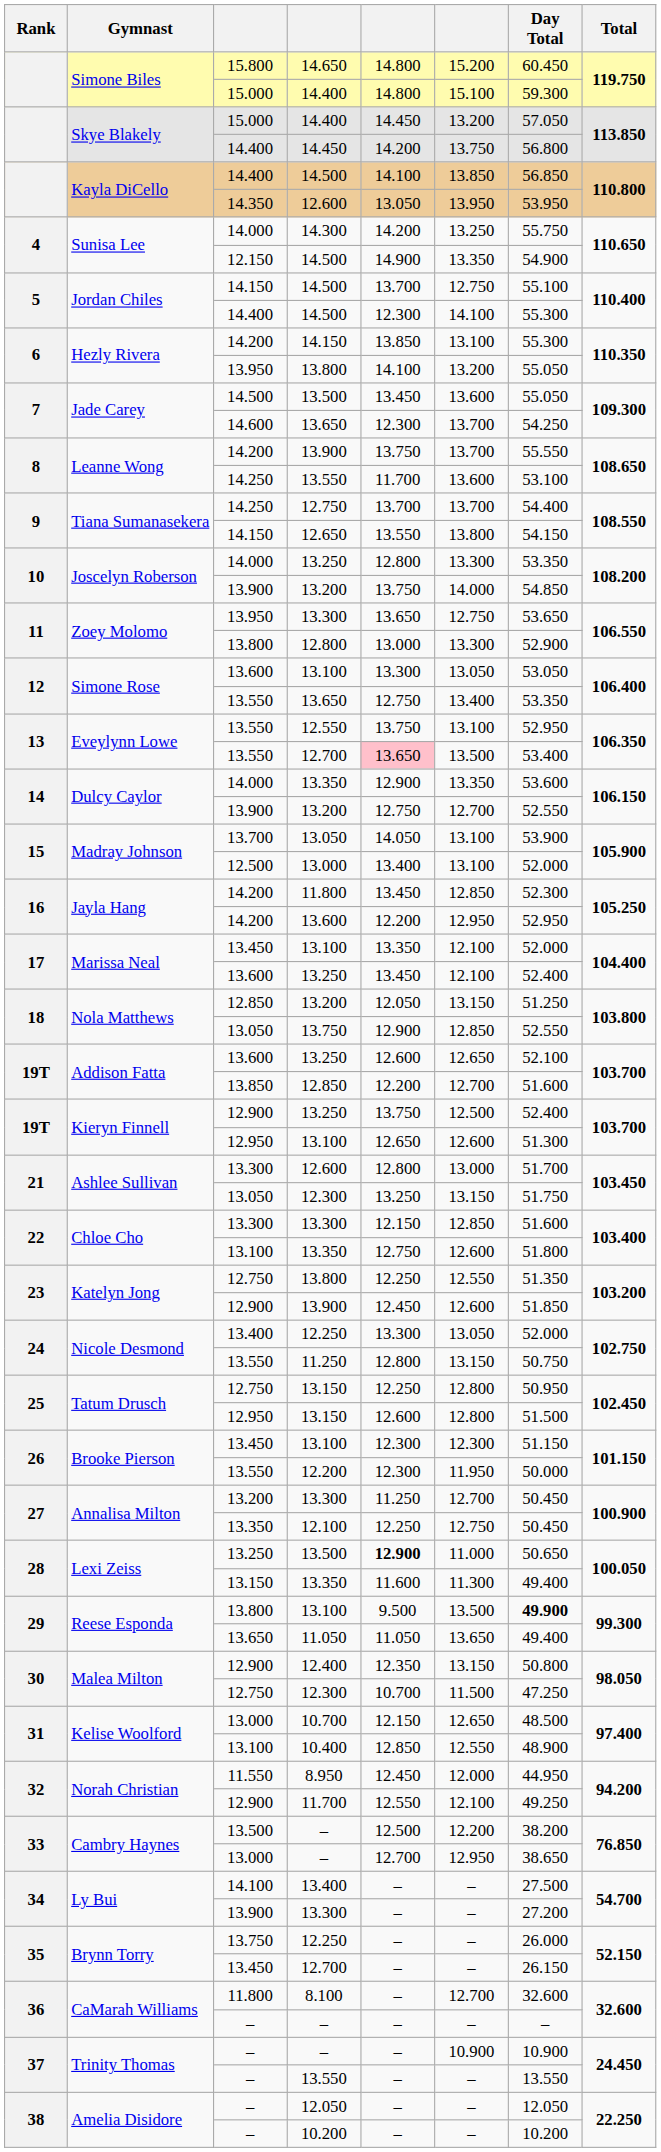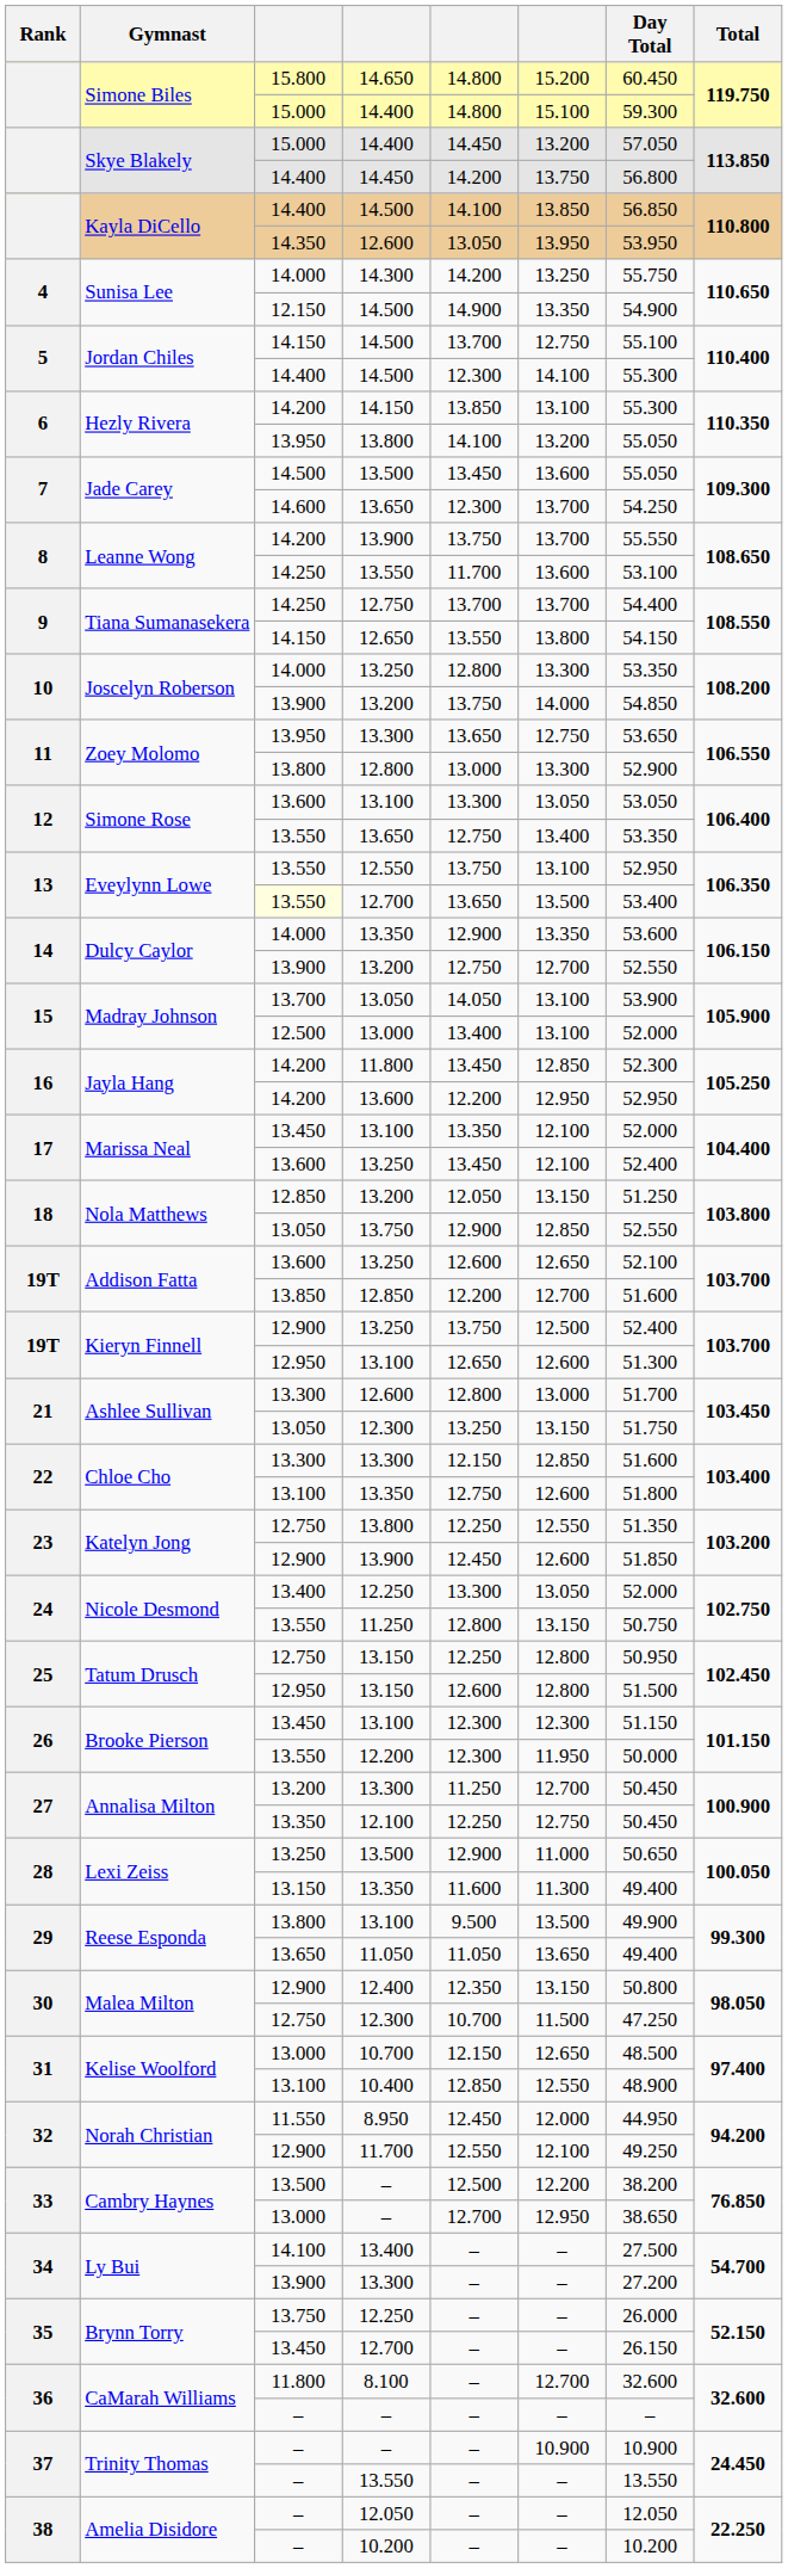 <table class="wikitable sortable" style="text-align:center; font-size:95%">
 <tr>
 <th scope="col" style="width:50px;">Rank</th>
 <th scope="col">Gymnast</th>
 <th scope="col" style="width:60px;"></th>
 <th scope="col" style="width:60px;"></th>
 <th scope="col" style="width:60px;"></th>
 <th scope="col" style="width:60px;"></th>
 <th scope="col" style="width:60px;">Day Total</th>
 <th scope="col" style="width:60px;">Total</th>
 </tr>
 <tr style="background:#fffcaf;">
 <th rowspan="2" scope=row style="text-align:center"></th>
 <td rowspan="2" align=left><a href='#'>Simone Biles</a></td>
 <td>15.800</td>
 <td>14.650</td>
 <td>14.800</td>
 <td>15.200</td>
 <td>60.450</td>
 <td rowspan="2"><strong>119.750</strong></td>
 </tr>
 <tr style="background:#fffcaf;">
 <td>15.000</td>
 <td>14.400</td>
 <td>14.800</td>
 <td>15.100</td>
 <td>59.300</td>
 </tr>
 <tr style="background:#e5e5e5;">
 <th rowspan="2" scope=row style="text-align:center"></th>
 <td rowspan="2" align=left><a href='#'>Skye Blakely</a></td>
 <td>15.000</td>
 <td>14.400</td>
 <td>14.450</td>
 <td>13.200</td>
 <td>57.050</td>
 <td rowspan="2"><strong>113.850</strong></td>
 </tr>
 <tr style="background:#e5e5e5;">
 <td>14.400</td>
 <td>14.450</td>
 <td>14.200</td>
 <td>13.750</td>
 <td>56.800</td>
 </tr>
 <tr style="background:#ec9;">
 <th rowspan="2" scope=row style="text-align:center"></th>
 <td rowspan="2" align=left><a href='#'>Kayla DiCello</a></td>
 <td>14.400</td>
 <td>14.500</td>
 <td>14.100</td>
 <td>13.850</td>
 <td>56.850</td>
 <td rowspan="2"><strong>110.800</strong></td>
 </tr>
 <tr style="background:#ec9;">
 <td>14.350</td>
 <td>12.600</td>
 <td>13.050</td>
 <td>13.950</td>
 <td>53.950</td>
 </tr>
 <tr>
 <th rowspan="2" scope=row style="text-align:center">4</th>
 <td rowspan="2" align=left><a href='#'>Sunisa Lee</a></td>
 <td>14.000</td>
 <td>14.300</td>
 <td>14.200</td>
 <td>13.250</td>
 <td>55.750</td>
 <td rowspan="2"><strong>110.650</strong></td>
 </tr>
 <tr>
 <td>12.150</td>
 <td>14.500</td>
 <td>14.900</td>
 <td>13.350</td>
 <td>54.900</td>
 </tr>
 <tr>
 <th rowspan="2" scope=row style="text-align:center">5</th>
 <td rowspan="2" align=left><a href='#'>Jordan Chiles</a></td>
 <td>14.150</td>
 <td>14.500</td>
 <td>13.700</td>
 <td>12.750</td>
 <td>55.100</td>
 <td rowspan="2"><strong>110.400</strong></td>
 </tr>
 <tr>
 <td>14.400</td>
 <td>14.500</td>
 <td>12.300</td>
 <td>14.100</td>
 <td>55.300</td>
 </tr>
 <tr>
 <th rowspan="2" scope=row style="text-align:center">6</th>
 <td rowspan="2" align=left><a href='#'>Hezly Rivera</a></td>
 <td>14.200</td>
 <td>14.150</td>
 <td>13.850</td>
 <td>13.100</td>
 <td>55.300</td>
 <td rowspan="2"><strong>110.350</strong></td>
 </tr>
 <tr>
 <td>13.950</td>
 <td>13.800</td>
 <td>14.100</td>
 <td>13.200</td>
 <td>55.050</td>
 </tr>
 <tr>
 <th rowspan="2" scope=row style="text-align:center">7</th>
 <td rowspan="2" align=left><a href='#'>Jade Carey</a></td>
 <td>14.500</td>
 <td>13.500</td>
 <td>13.450</td>
 <td>13.600</td>
 <td>55.050</td>
 <td rowspan="2"><strong>109.300</strong></td>
 </tr>
 <tr>
 <td>14.600</td>
 <td>13.650</td>
 <td>12.300</td>
 <td>13.700</td>
 <td>54.250</td>
 </tr>
 <tr>
 <th rowspan="2" scope=row style="text-align:center">8</th>
 <td rowspan="2" align=left><a href='#'>Leanne Wong</a></td>
 <td>14.200</td>
 <td>13.900</td>
 <td>13.750</td>
 <td>13.700</td>
 <td>55.550</td>
 <td rowspan="2"><strong>108.650</strong></td>
 </tr>
 <tr>
 <td>14.250</td>
 <td>13.550</td>
 <td>11.700</td>
 <td>13.600</td>
 <td>53.100</td>
 </tr>
 <tr>
 <th rowspan="2" scope=row style="text-align:center">9</th>
 <td rowspan="2" align=left><a href='#'>Tiana Sumanasekera</a></td>
 <td>14.250</td>
 <td>12.750</td>
 <td>13.700</td>
 <td>13.700</td>
 <td>54.400</td>
 <td rowspan="2"><strong>108.550</strong></td>
 </tr>
 <tr>
 <td>14.150</td>
 <td>12.650</td>
 <td>13.550</td>
 <td>13.800</td>
 <td>54.150</td>
 </tr>
 <tr>
 <th rowspan="2" scope=row style="text-align:center">10</th>
 <td rowspan="2" align=left><a href='#'>Joscelyn Roberson</a></td>
 <td>14.000</td>
 <td>13.250</td>
 <td>12.800</td>
 <td>13.300</td>
 <td>53.350</td>
 <td rowspan="2"><strong>108.200</strong></td>
 </tr>
 <tr>
 <td>13.900</td>
 <td>13.200</td>
 <td>13.750</td>
 <td>14.000</td>
 <td>54.850</td>
 </tr>
 <tr>
 <th rowspan="2" scope=row style="text-align:center">11</th>
 <td rowspan="2" align=left><a href='#'>Zoey Molomo</a></td>
 <td>13.950</td>
 <td>13.300</td>
 <td>13.650</td>
 <td>12.750</td>
 <td>53.650</td>
 <td rowspan="2"><strong>106.550</strong></td>
 </tr>
 <tr>
 <td>13.800</td>
 <td>12.800</td>
 <td>13.000</td>
 <td>13.300</td>
 <td>52.900</td>
 </tr>
 <tr>
 <th rowspan="2" scope=row style="text-align:center">12</th>
 <td rowspan="2" align=left><a href='#'>Simone Rose</a></td>
 <td>13.600</td>
 <td>13.100</td>
 <td>13.300</td>
 <td>13.050</td>
 <td>53.050</td>
 <td rowspan="2"><strong>106.400</strong></td>
 </tr>
 <tr>
 <td>13.550</td>
 <td>13.650</td>
 <td>12.750</td>
 <td>13.400</td>
 <td>53.350</td>
 </tr>
 <tr>
 <th rowspan="2" scope=row style="text-align:center">13</th>
 <td rowspan="2" align=left><a href='#'>Eveylynn Lowe</a></td>
 <td>13.550</td>
 <td>12.550</td>
 <td>13.750</td>
 <td>13.100</td>
 <td>52.950</td>
 <td rowspan="2"><strong>106.350</strong></td>
 </tr>
 <tr>
-<td>13.550</td>
+<td style="background: lightyellow;">13.550</td>
 <td>12.700</td>
-<td style="background: pink;">13.650</td>
+<td>13.650</td>
 <td>13.500</td>
 <td>53.400</td>
 </tr>
 <tr>
 <th rowspan="2" scope=row style="text-align:center">14</th>
 <td rowspan="2" align=left><a href='#'>Dulcy Caylor</a></td>
 <td>14.000</td>
 <td>13.350</td>
 <td>12.900</td>
 <td>13.350</td>
 <td>53.600</td>
 <td rowspan="2"><strong>106.150</strong></td>
 </tr>
 <tr>
 <td>13.900</td>
 <td>13.200</td>
 <td>12.750</td>
 <td>12.700</td>
 <td>52.550</td>
 </tr>
 <tr>
 <th rowspan="2" scope=row style="text-align:center">15</th>
 <td rowspan="2" align=left><a href='#'>Madray Johnson</a></td>
 <td>13.700</td>
 <td>13.050</td>
 <td>14.050</td>
 <td>13.100</td>
 <td>53.900</td>
 <td rowspan="2"><strong>105.900</strong></td>
 </tr>
 <tr>
 <td>12.500</td>
 <td>13.000</td>
 <td>13.400</td>
 <td>13.100</td>
 <td>52.000</td>
 </tr>
 <tr>
 <th rowspan="2" scope=row style="text-align:center">16</th>
 <td rowspan="2" align=left><a href='#'>Jayla Hang</a></td>
 <td>14.200</td>
 <td>11.800</td>
 <td>13.450</td>
 <td>12.850</td>
 <td>52.300</td>
 <td rowspan="2"><strong>105.250</strong></td>
 </tr>
 <tr>
 <td>14.200</td>
 <td>13.600</td>
 <td>12.200</td>
 <td>12.950</td>
 <td>52.950</td>
 </tr>
 <tr>
 <th rowspan="2" scope=row style="text-align:center">17</th>
 <td rowspan="2" align=left><a href='#'>Marissa Neal</a></td>
 <td>13.450</td>
 <td>13.100</td>
 <td>13.350</td>
 <td>12.100</td>
 <td>52.000</td>
 <td rowspan="2"><strong>104.400</strong></td>
 </tr>
 <tr>
 <td>13.600</td>
 <td>13.250</td>
 <td>13.450</td>
 <td>12.100</td>
 <td>52.400</td>
 </tr>
 <tr>
 <th rowspan="2" scope=row style="text-align:center">18</th>
 <td rowspan="2" align=left><a href='#'>Nola Matthews</a></td>
 <td>12.850</td>
 <td>13.200</td>
 <td>12.050</td>
 <td>13.150</td>
 <td>51.250</td>
 <td rowspan="2"><strong>103.800</strong></td>
 </tr>
 <tr>
 <td>13.050</td>
 <td>13.750</td>
 <td>12.900</td>
 <td>12.850</td>
 <td>52.550</td>
 </tr>
 <tr>
 <th rowspan="2" scope=row style="text-align:center">19T</th>
 <td rowspan="2" align=left><a href='#'>Addison Fatta</a></td>
 <td>13.600</td>
 <td>13.250</td>
 <td>12.600</td>
 <td>12.650</td>
 <td>52.100</td>
 <td rowspan="2"><strong>103.700</strong></td>
 </tr>
 <tr>
 <td>13.850</td>
 <td>12.850</td>
 <td>12.200</td>
 <td>12.700</td>
 <td>51.600</td>
 </tr>
 <tr>
 <th rowspan="2" scope=row style="text-align:center">19T</th>
 <td rowspan="2" align=left><a href='#'>Kieryn Finnell</a></td>
 <td>12.900</td>
 <td>13.250</td>
 <td>13.750</td>
 <td>12.500</td>
 <td>52.400</td>
 <td rowspan="2"><strong>103.700</strong></td>
 </tr>
 <tr>
 <td>12.950</td>
 <td>13.100</td>
 <td>12.650</td>
 <td>12.600</td>
 <td>51.300</td>
 </tr>
 <tr>
 <th rowspan="2" scope=row style="text-align:center">21</th>
 <td rowspan="2" align=left><a href='#'>Ashlee Sullivan</a></td>
 <td>13.300</td>
 <td>12.600</td>
 <td>12.800</td>
 <td>13.000</td>
 <td>51.700</td>
 <td rowspan="2"><strong>103.450</strong></td>
 </tr>
 <tr>
 <td>13.050</td>
 <td>12.300</td>
 <td>13.250</td>
 <td>13.150</td>
 <td>51.750</td>
 </tr>
 <tr>
 <th rowspan="2" scope=row style="text-align:center">22</th>
 <td rowspan="2" align=left><a href='#'>Chloe Cho</a></td>
 <td>13.300</td>
 <td>13.300</td>
 <td>12.150</td>
 <td>12.850</td>
 <td>51.600</td>
 <td rowspan="2"><strong>103.400</strong></td>
 </tr>
 <tr>
 <td>13.100</td>
 <td>13.350</td>
 <td>12.750</td>
 <td>12.600</td>
 <td>51.800</td>
 </tr>
 <tr>
 <th rowspan="2" scope=row style="text-align:center">23</th>
 <td rowspan="2" align=left><a href='#'>Katelyn Jong</a></td>
 <td>12.750</td>
 <td>13.800</td>
 <td>12.250</td>
 <td>12.550</td>
 <td>51.350</td>
 <td rowspan="2"><strong>103.200</strong></td>
 </tr>
 <tr>
 <td>12.900</td>
 <td>13.900</td>
 <td>12.450</td>
 <td>12.600</td>
 <td>51.850</td>
 </tr>
 <tr>
 <th rowspan="2" scope=row style="text-align:center">24</th>
 <td rowspan="2" align=left><a href='#'>Nicole Desmond</a></td>
 <td>13.400</td>
 <td>12.250</td>
 <td>13.300</td>
 <td>13.050</td>
 <td>52.000</td>
 <td rowspan="2"><strong>102.750</strong></td>
 </tr>
 <tr>
 <td>13.550</td>
 <td>11.250</td>
 <td>12.800</td>
 <td>13.150</td>
 <td>50.750</td>
 </tr>
 <tr>
 <th rowspan="2" scope=row style="text-align:center">25</th>
 <td rowspan="2" align=left><a href='#'>Tatum Drusch</a></td>
 <td>12.750</td>
 <td>13.150</td>
 <td>12.250</td>
 <td>12.800</td>
 <td>50.950</td>
 <td rowspan="2"><strong>102.450</strong></td>
 </tr>
 <tr>
 <td>12.950</td>
 <td>13.150</td>
 <td>12.600</td>
 <td>12.800</td>
 <td>51.500</td>
 </tr>
 <tr>
 <th rowspan="2" scope=row style="text-align:center">26</th>
 <td rowspan="2" align=left><a href='#'>Brooke Pierson</a></td>
 <td>13.450</td>
 <td>13.100</td>
 <td>12.300</td>
 <td>12.300</td>
 <td>51.150</td>
 <td rowspan="2"><strong>101.150</strong></td>
 </tr>
 <tr>
 <td>13.550</td>
 <td>12.200</td>
 <td>12.300</td>
 <td>11.950</td>
 <td>50.000</td>
 </tr>
 <tr>
 <th rowspan="2" scope=row style="text-align:center">27</th>
 <td rowspan="2" align=left><a href='#'>Annalisa Milton</a></td>
 <td>13.200</td>
 <td>13.300</td>
 <td>11.250</td>
 <td>12.700</td>
 <td>50.450</td>
 <td rowspan="2"><strong>100.900</strong></td>
 </tr>
 <tr>
 <td>13.350</td>
 <td>12.100</td>
 <td>12.250</td>
 <td>12.750</td>
 <td>50.450</td>
 </tr>
 <tr>
 <th rowspan="2" scope=row style="text-align:center">28</th>
 <td rowspan="2" align=left><a href='#'>Lexi Zeiss</a></td>
 <td>13.250</td>
 <td>13.500</td>
-<td><strong>12.900</strong></td>
+<td>12.900</td>
 <td>11.000</td>
 <td>50.650</td>
 <td rowspan="2"><strong>100.050</strong></td>
 </tr>
 <tr>
 <td>13.150</td>
 <td>13.350</td>
 <td>11.600</td>
 <td>11.300</td>
 <td>49.400</td>
 </tr>
 <tr>
 <th rowspan="2" scope=row style="text-align:center">29</th>
 <td rowspan="2" align=left><a href='#'>Reese Esponda</a></td>
 <td>13.800</td>
 <td>13.100</td>
 <td>9.500</td>
 <td>13.500</td>
-<td><strong>49.900</strong></td>
+<td>49.900</td>
 <td rowspan="2"><strong>99.300</strong></td>
 </tr>
 <tr>
 <td>13.650</td>
 <td>11.050</td>
 <td>11.050</td>
 <td>13.650</td>
 <td>49.400</td>
 </tr>
 <tr>
 <th rowspan="2" scope=row style="text-align:center">30</th>
 <td rowspan="2" align=left><a href='#'>Malea Milton</a></td>
 <td>12.900</td>
 <td>12.400</td>
 <td>12.350</td>
 <td>13.150</td>
 <td>50.800</td>
 <td rowspan="2"><strong>98.050</strong></td>
 </tr>
 <tr>
 <td>12.750</td>
 <td>12.300</td>
 <td>10.700</td>
 <td>11.500</td>
 <td>47.250</td>
 </tr>
 <tr>
 <th rowspan="2" scope=row style="text-align:center">31</th>
 <td rowspan="2" align=left><a href='#'>Kelise Woolford</a></td>
 <td>13.000</td>
 <td>10.700</td>
 <td>12.150</td>
 <td>12.650</td>
 <td>48.500</td>
 <td rowspan="2"><strong>97.400</strong></td>
 </tr>
 <tr>
 <td>13.100</td>
 <td>10.400</td>
 <td>12.850</td>
 <td>12.550</td>
 <td>48.900</td>
 </tr>
 <tr>
 <th rowspan="2" scope=row style="text-align:center">32</th>
 <td rowspan="2" align=left><a href='#'>Norah Christian</a></td>
 <td>11.550</td>
 <td>8.950</td>
 <td>12.450</td>
 <td>12.000</td>
 <td>44.950</td>
 <td rowspan="2"><strong>94.200</strong></td>
 </tr>
 <tr>
 <td>12.900</td>
 <td>11.700</td>
 <td>12.550</td>
 <td>12.100</td>
 <td>49.250</td>
 </tr>
 <tr>
 <th rowspan="2" scope=row style="text-align:center">33</th>
 <td rowspan="2" align=left><a href='#'>Cambry Haynes</a></td>
 <td>13.500</td>
 <td>–</td>
 <td>12.500</td>
 <td>12.200</td>
 <td>38.200</td>
 <td rowspan="2"><strong>76.850</strong></td>
 </tr>
 <tr>
 <td>13.000</td>
 <td>–</td>
 <td>12.700</td>
 <td>12.950</td>
 <td>38.650</td>
 </tr>
 <tr>
 <th rowspan="2" scope=row style="text-align:center">34</th>
 <td rowspan="2" align=left><a href='#'>Ly Bui</a></td>
 <td>14.100</td>
 <td>13.400</td>
 <td>–</td>
 <td>–</td>
 <td>27.500</td>
 <td rowspan="2"><strong>54.700</strong></td>
 </tr>
 <tr>
 <td>13.900</td>
 <td>13.300</td>
 <td>–</td>
 <td>–</td>
 <td>27.200</td>
 </tr>
 <tr>
 <th rowspan="2" scope=row style="text-align:center">35</th>
 <td rowspan="2" align=left><a href='#'>Brynn Torry</a></td>
 <td>13.750</td>
 <td>12.250</td>
 <td>–</td>
 <td>–</td>
 <td>26.000</td>
 <td rowspan="2"><strong>52.150</strong></td>
 </tr>
 <tr>
 <td>13.450</td>
 <td>12.700</td>
 <td>–</td>
 <td>–</td>
 <td>26.150</td>
 </tr>
 <tr>
 <th rowspan="2" scope=row style="text-align:center">36</th>
 <td rowspan="2" align=left><a href='#'>CaMarah Williams</a></td>
 <td>11.800</td>
 <td>8.100</td>
 <td>–</td>
 <td>12.700</td>
 <td>32.600</td>
 <td rowspan="2"><strong>32.600</strong></td>
 </tr>
 <tr>
 <td>–</td>
 <td>–</td>
 <td>–</td>
 <td>–</td>
 <td>–</td>
 </tr>
 <tr>
 <th rowspan="2" scope=row style="text-align:center">37</th>
 <td rowspan="2" align=left><a href='#'>Trinity Thomas</a></td>
 <td>–</td>
 <td>–</td>
 <td>–</td>
 <td>10.900</td>
 <td>10.900</td>
 <td rowspan="2"><strong>24.450</strong></td>
 </tr>
 <tr>
 <td>–</td>
 <td>13.550</td>
 <td>–</td>
 <td>–</td>
 <td>13.550</td>
 </tr>
 <tr>
 <th rowspan="2" scope=row style="text-align:center">38</th>
 <td rowspan="2" align=left><a href='#'>Amelia Disidore</a></td>
 <td>–</td>
 <td>12.050</td>
 <td>–</td>
 <td>–</td>
 <td>12.050</td>
 <td rowspan="2"><strong>22.250</strong></td>
 </tr>
 <tr>
 <td>–</td>
 <td>10.200</td>
 <td>–</td>
 <td>–</td>
 <td>10.200</td>
 </tr>
 </table>
